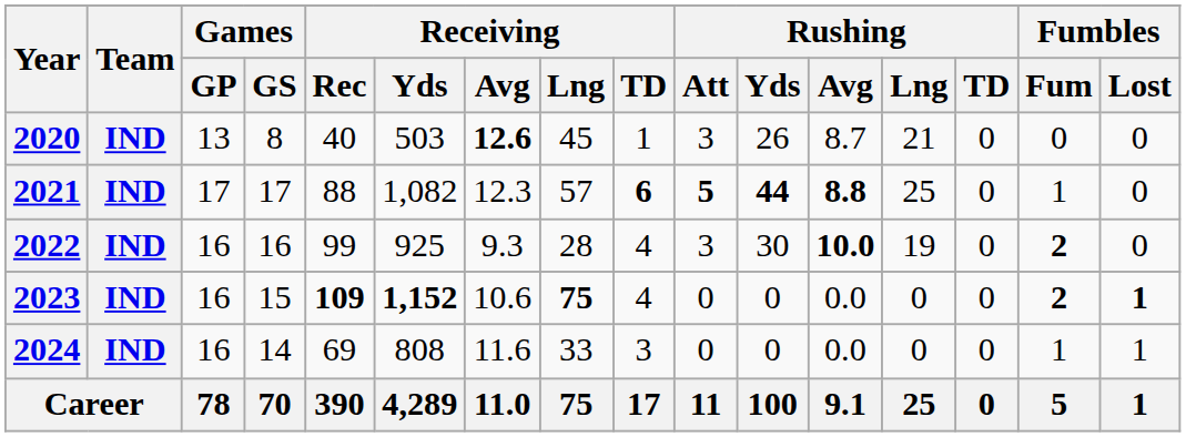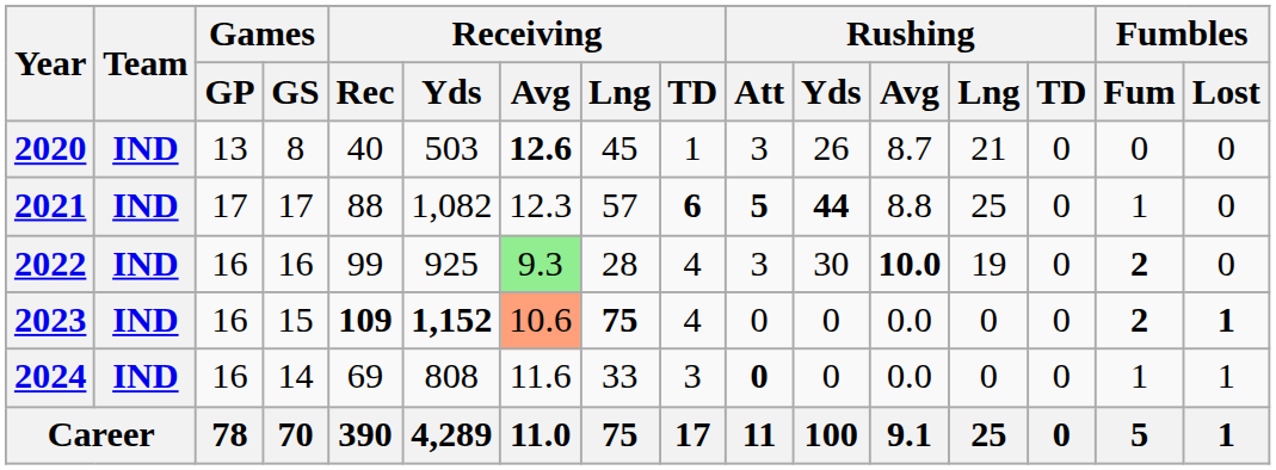 <table style="text-align:center;" class="wikitable">
 <tr style="font-weight:bold;background:#03202F;color:White;">
 </tr>
 <tr>
 <th rowspan="2">Year</th>
 <th rowspan="2">Team</th>
 <th colspan="2">Games</th>
 <th colspan="5">Receiving</th>
 <th colspan="5">Rushing</th>
 <th colspan="2">Fumbles</th>
 </tr>
 <tr>
 <th>GP</th>
 <th>GS</th>
 <th>Rec</th>
 <th>Yds</th>
 <th>Avg</th>
 <th>Lng</th>
 <th>TD</th>
 <th>Att</th>
 <th>Yds</th>
 <th>Avg</th>
 <th>Lng</th>
 <th>TD</th>
 <th>Fum</th>
 <th>Lost</th>
 </tr>
 <tr>
 <th><a href='#'>2020</a></th>
 <th><a href='#'>IND</a></th>
 <td>13</td>
 <td>8</td>
 <td>40</td>
 <td>503</td>
 <td><strong>12.6</strong></td>
 <td>45</td>
 <td>1</td>
 <td>3</td>
 <td>26</td>
 <td>8.7</td>
 <td>21</td>
 <td>0</td>
 <td>0</td>
 <td>0</td>
 </tr>
 <tr>
 <th><a href='#'>2021</a></th>
 <th><a href='#'>IND</a></th>
 <td>17</td>
 <td>17</td>
 <td>88</td>
 <td>1,082</td>
 <td>12.3</td>
 <td>57</td>
 <td><strong>6</strong></td>
 <td><strong>5</strong></td>
 <td><strong>44</strong></td>
-<td><strong>8.8</strong></td>
+<td>8.8</td>
 <td>25</td>
 <td>0</td>
 <td>1</td>
 <td>0</td>
 </tr>
 <tr>
 <th><a href='#'>2022</a></th>
 <th><a href='#'>IND</a></th>
 <td>16</td>
 <td>16</td>
 <td>99</td>
 <td>925</td>
-<td>9.3</td>
+<td style="background: lightgreen;">9.3</td>
 <td>28</td>
 <td>4</td>
 <td>3</td>
 <td>30</td>
 <td><strong>10.0</strong></td>
 <td>19</td>
 <td>0</td>
 <td><strong>2</strong></td>
 <td>0</td>
 </tr>
 <tr>
 <th><a href='#'>2023</a></th>
 <th><a href='#'>IND</a></th>
 <td>16</td>
 <td>15</td>
 <td><strong>109</strong></td>
 <td><strong>1,152</strong></td>
-<td>10.6</td>
+<td style="background: lightsalmon;">10.6</td>
 <td><strong>75</strong></td>
 <td>4</td>
 <td>0</td>
 <td>0</td>
 <td>0.0</td>
 <td>0</td>
 <td>0</td>
 <td><strong>2</strong></td>
 <td><strong>1</strong></td>
 </tr>
 <tr>
 <th><a href='#'>2024</a></th>
 <th><a href='#'>IND</a></th>
 <td>16</td>
 <td>14</td>
 <td>69</td>
 <td>808</td>
 <td>11.6</td>
 <td>33</td>
 <td>3</td>
-<td>0</td>
+<td><strong>0</strong></td>
 <td>0</td>
 <td>0.0</td>
 <td>0</td>
 <td>0</td>
 <td>1</td>
 <td>1</td>
 </tr>
 <tr>
 <th colspan="2">Career</th>
 <th>78</th>
 <th>70</th>
 <th>390</th>
 <th>4,289</th>
 <th>11.0</th>
 <th>75</th>
 <th>17</th>
 <th>11</th>
 <th>100</th>
 <th>9.1</th>
 <th>25</th>
 <th>0</th>
 <th>5</th>
 <th>1</th>
 </tr>
 </table>
